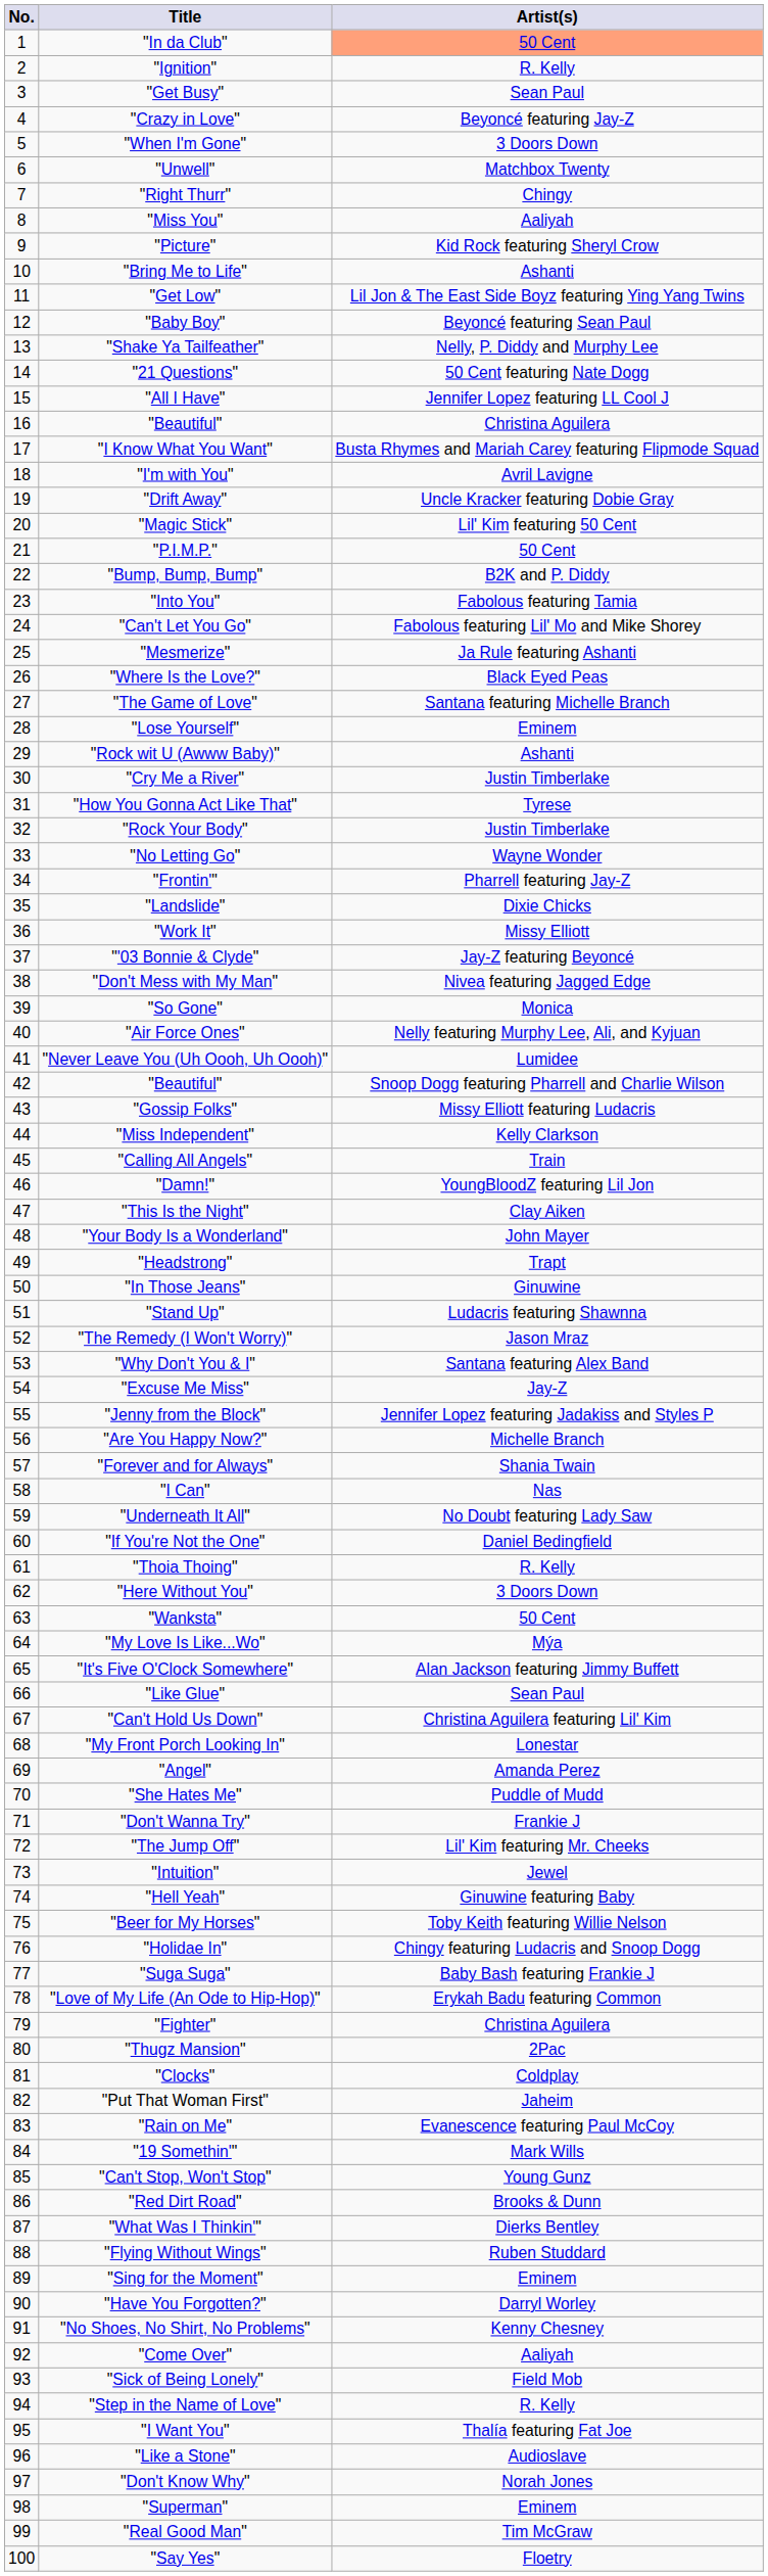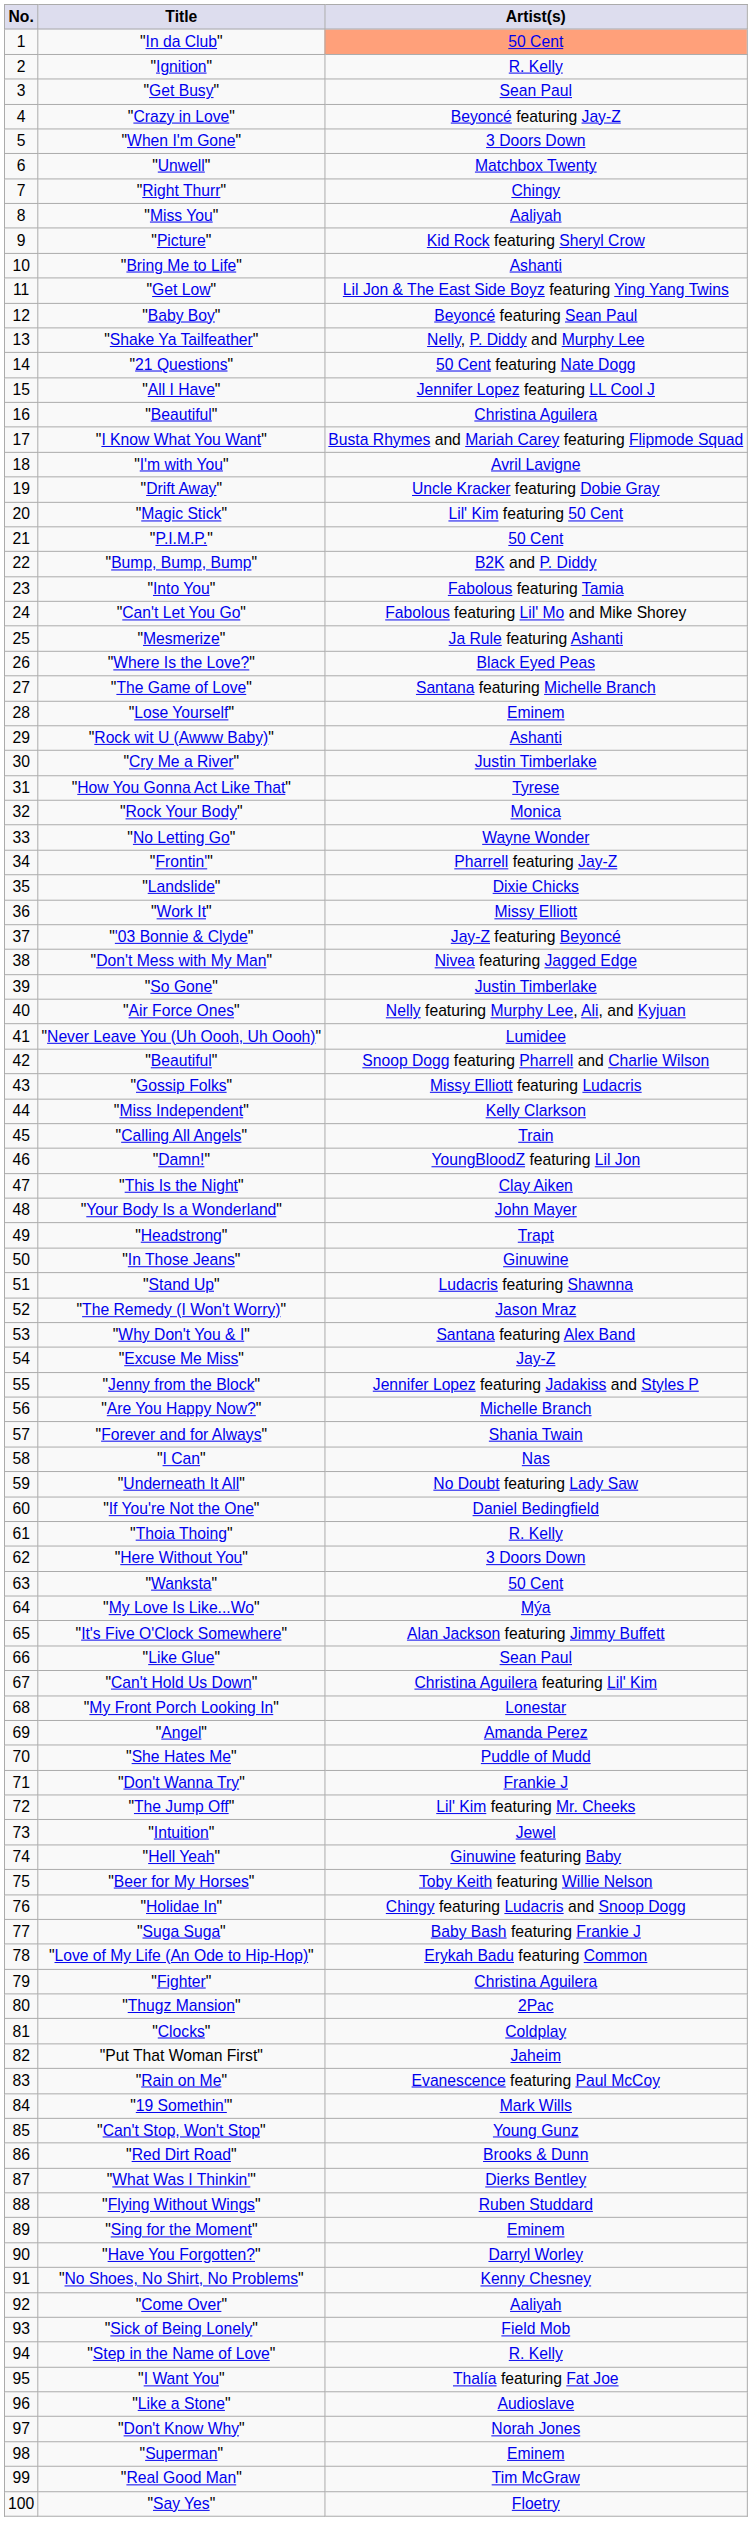 <table class="wikitable sortable" style="text-align: center">
 <tr>
 <th scope="col" style="background:#dde;">No.</th>
 <th scope="col" style="background:#dde;">Title</th>
 <th scope="col" style="background:#dde;">Artist(s)</th>
 </tr>
 <tr>
 <td>1</td>
 <td>"<a href='#'>In da Club</a>"</td>
 <td style="background: lightsalmon;"><a href='#'>50 Cent</a></td>
 </tr>
 <tr>
 <td>2</td>
 <td>"<a href='#'>Ignition</a>"</td>
 <td><a href='#'>R. Kelly</a></td>
 </tr>
 <tr>
 <td>3</td>
 <td>"<a href='#'>Get Busy</a>"</td>
 <td><a href='#'>Sean Paul</a></td>
 </tr>
 <tr>
 <td>4</td>
 <td>"<a href='#'>Crazy in Love</a>"</td>
 <td><a href='#'>Beyoncé</a> featuring <a href='#'>Jay-Z</a></td>
 </tr>
 <tr>
 <td>5</td>
 <td>"<a href='#'>When I'm Gone</a>"</td>
 <td><a href='#'>3 Doors Down</a></td>
 </tr>
 <tr>
 <td>6</td>
 <td>"<a href='#'>Unwell</a>"</td>
 <td><a href='#'>Matchbox Twenty</a></td>
 </tr>
 <tr>
 <td>7</td>
 <td>"<a href='#'>Right Thurr</a>"</td>
 <td><a href='#'>Chingy</a></td>
 </tr>
 <tr>
 <td>8</td>
 <td>"<a href='#'>Miss You</a>"</td>
 <td><a href='#'>Aaliyah</a></td>
 </tr>
 <tr>
 <td>9</td>
 <td>"<a href='#'>Picture</a>"</td>
 <td><a href='#'>Kid Rock</a> featuring <a href='#'>Sheryl Crow</a></td>
 </tr>
 <tr>
 <td>10</td>
 <td>"<a href='#'>Bring Me to Life</a>"</td>
 <td><a href='#'>Ashanti</a></td>
 </tr>
 <tr>
 <td>11</td>
 <td>"<a href='#'>Get Low</a>"</td>
 <td><a href='#'>Lil Jon & The East Side Boyz</a> featuring <a href='#'>Ying Yang Twins</a></td>
 </tr>
 <tr>
 <td>12</td>
 <td>"<a href='#'>Baby Boy</a>"</td>
 <td><a href='#'>Beyoncé</a> featuring <a href='#'>Sean Paul</a></td>
 </tr>
 <tr>
 <td>13</td>
 <td>"<a href='#'>Shake Ya Tailfeather</a>"</td>
 <td><a href='#'>Nelly</a>, <a href='#'>P. Diddy</a> and <a href='#'>Murphy Lee</a></td>
 </tr>
 <tr>
 <td>14</td>
 <td>"<a href='#'>21 Questions</a>"</td>
 <td><a href='#'>50 Cent</a> featuring <a href='#'>Nate Dogg</a></td>
 </tr>
 <tr>
 <td>15</td>
 <td>"<a href='#'>All I Have</a>"</td>
 <td><a href='#'>Jennifer Lopez</a> featuring <a href='#'>LL Cool J</a></td>
 </tr>
 <tr>
 <td>16</td>
 <td>"<a href='#'>Beautiful</a>"</td>
 <td><a href='#'>Christina Aguilera</a></td>
 </tr>
 <tr>
 <td>17</td>
 <td>"<a href='#'>I Know What You Want</a>"</td>
 <td><a href='#'>Busta Rhymes</a> and <a href='#'>Mariah Carey</a> featuring <a href='#'>Flipmode Squad</a></td>
 </tr>
 <tr>
 <td>18</td>
 <td>"<a href='#'>I'm with You</a>"</td>
 <td><a href='#'>Avril Lavigne</a></td>
 </tr>
 <tr>
 <td>19</td>
 <td>"<a href='#'>Drift Away</a>"</td>
 <td><a href='#'>Uncle Kracker</a> featuring <a href='#'>Dobie Gray</a></td>
 </tr>
 <tr>
 <td>20</td>
 <td>"<a href='#'>Magic Stick</a>"</td>
 <td><a href='#'>Lil' Kim</a> featuring <a href='#'>50 Cent</a></td>
 </tr>
 <tr>
 <td>21</td>
 <td>"<a href='#'>P.I.M.P.</a>"</td>
 <td><a href='#'>50 Cent</a></td>
 </tr>
 <tr>
 <td>22</td>
 <td>"<a href='#'>Bump, Bump, Bump</a>"</td>
 <td><a href='#'>B2K</a> and <a href='#'>P. Diddy</a></td>
 </tr>
 <tr>
 <td>23</td>
 <td>"<a href='#'>Into You</a>"</td>
 <td><a href='#'>Fabolous</a> featuring <a href='#'>Tamia</a></td>
 </tr>
 <tr>
 <td>24</td>
 <td>"<a href='#'>Can't Let You Go</a>"</td>
 <td><a href='#'>Fabolous</a> featuring <a href='#'>Lil' Mo</a> and Mike Shorey</td>
 </tr>
 <tr>
 <td>25</td>
 <td>"<a href='#'>Mesmerize</a>"</td>
 <td><a href='#'>Ja Rule</a> featuring <a href='#'>Ashanti</a></td>
 </tr>
 <tr>
 <td>26</td>
 <td>"<a href='#'>Where Is the Love?</a>"</td>
 <td><a href='#'>Black Eyed Peas</a></td>
 </tr>
 <tr>
 <td>27</td>
 <td>"<a href='#'>The Game of Love</a>"</td>
 <td><a href='#'>Santana</a> featuring <a href='#'>Michelle Branch</a></td>
 </tr>
 <tr>
 <td>28</td>
 <td>"<a href='#'>Lose Yourself</a>"</td>
 <td><a href='#'>Eminem</a></td>
 </tr>
 <tr>
 <td>29</td>
 <td>"<a href='#'>Rock wit U (Awww Baby)</a>"</td>
 <td><a href='#'>Ashanti</a></td>
 </tr>
 <tr>
 <td>30</td>
 <td>"<a href='#'>Cry Me a River</a>"</td>
 <td><a href='#'>Justin Timberlake</a></td>
 </tr>
 <tr>
 <td>31</td>
 <td>"<a href='#'>How You Gonna Act Like That</a>"</td>
 <td><a href='#'>Tyrese</a></td>
 </tr>
 <tr>
 <td>32</td>
 <td>"<a href='#'>Rock Your Body</a>"</td>
-<td><a href='#'>Justin Timberlake</a></td>
+<td><a href='#'>Monica</a></td>
 </tr>
 <tr>
 <td>33</td>
 <td>"<a href='#'>No Letting Go</a>"</td>
 <td><a href='#'>Wayne Wonder</a></td>
 </tr>
 <tr>
 <td>34</td>
 <td>"<a href='#'>Frontin'</a>"</td>
 <td><a href='#'>Pharrell</a> featuring <a href='#'>Jay-Z</a></td>
 </tr>
 <tr>
 <td>35</td>
 <td>"<a href='#'>Landslide</a>"</td>
 <td><a href='#'>Dixie Chicks</a></td>
 </tr>
 <tr>
 <td>36</td>
 <td>"<a href='#'>Work It</a>"</td>
 <td><a href='#'>Missy Elliott</a></td>
 </tr>
 <tr>
 <td>37</td>
 <td>"<a href='#'>'03 Bonnie & Clyde</a>"</td>
 <td><a href='#'>Jay-Z</a> featuring <a href='#'>Beyoncé</a></td>
 </tr>
 <tr>
 <td>38</td>
 <td>"<a href='#'>Don't Mess with My Man</a>"</td>
 <td><a href='#'>Nivea</a> featuring <a href='#'>Jagged Edge</a></td>
 </tr>
 <tr>
 <td>39</td>
 <td>"<a href='#'>So Gone</a>"</td>
-<td><a href='#'>Monica</a></td>
+<td><a href='#'>Justin Timberlake</a></td>
 </tr>
 <tr>
 <td>40</td>
 <td>"<a href='#'>Air Force Ones</a>"</td>
 <td><a href='#'>Nelly</a> featuring <a href='#'>Murphy Lee</a>, <a href='#'>Ali</a>, and <a href='#'>Kyjuan</a></td>
 </tr>
 <tr>
 <td>41</td>
 <td>"<a href='#'>Never Leave You (Uh Oooh, Uh Oooh)</a>"</td>
 <td><a href='#'>Lumidee</a></td>
 </tr>
 <tr>
 <td>42</td>
 <td>"<a href='#'>Beautiful</a>"</td>
 <td><a href='#'>Snoop Dogg</a> featuring <a href='#'>Pharrell</a> and <a href='#'>Charlie Wilson</a></td>
 </tr>
 <tr>
 <td>43</td>
 <td>"<a href='#'>Gossip Folks</a>"</td>
 <td><a href='#'>Missy Elliott</a> featuring <a href='#'>Ludacris</a></td>
 </tr>
 <tr>
 <td>44</td>
 <td>"<a href='#'>Miss Independent</a>"</td>
 <td><a href='#'>Kelly Clarkson</a></td>
 </tr>
 <tr>
 <td>45</td>
 <td>"<a href='#'>Calling All Angels</a>"</td>
 <td><a href='#'>Train</a></td>
 </tr>
 <tr>
 <td>46</td>
 <td>"<a href='#'>Damn!</a>"</td>
 <td><a href='#'>YoungBloodZ</a> featuring <a href='#'>Lil Jon</a></td>
 </tr>
 <tr>
 <td>47</td>
 <td>"<a href='#'>This Is the Night</a>"</td>
 <td><a href='#'>Clay Aiken</a></td>
 </tr>
 <tr>
 <td>48</td>
 <td>"<a href='#'>Your Body Is a Wonderland</a>"</td>
 <td><a href='#'>John Mayer</a></td>
 </tr>
 <tr>
 <td>49</td>
 <td>"<a href='#'>Headstrong</a>"</td>
 <td><a href='#'>Trapt</a></td>
 </tr>
 <tr>
 <td>50</td>
 <td>"<a href='#'>In Those Jeans</a>"</td>
 <td><a href='#'>Ginuwine</a></td>
 </tr>
 <tr>
 <td>51</td>
 <td>"<a href='#'>Stand Up</a>"</td>
 <td><a href='#'>Ludacris</a> featuring <a href='#'>Shawnna</a></td>
 </tr>
 <tr>
 <td>52</td>
 <td>"<a href='#'>The Remedy (I Won't Worry)</a>"</td>
 <td><a href='#'>Jason Mraz</a></td>
 </tr>
 <tr>
 <td>53</td>
 <td>"<a href='#'>Why Don't You & I</a>"</td>
 <td><a href='#'>Santana</a> featuring <a href='#'>Alex Band</a></td>
 </tr>
 <tr>
 <td>54</td>
 <td>"<a href='#'>Excuse Me Miss</a>"</td>
 <td><a href='#'>Jay-Z</a></td>
 </tr>
 <tr>
 <td>55</td>
 <td>"<a href='#'>Jenny from the Block</a>"</td>
 <td><a href='#'>Jennifer Lopez</a> featuring <a href='#'>Jadakiss</a> and <a href='#'>Styles P</a></td>
 </tr>
 <tr>
 <td>56</td>
 <td>"<a href='#'>Are You Happy Now?</a>"</td>
 <td><a href='#'>Michelle Branch</a></td>
 </tr>
 <tr>
 <td>57</td>
 <td>"<a href='#'>Forever and for Always</a>"</td>
 <td><a href='#'>Shania Twain</a></td>
 </tr>
 <tr>
 <td>58</td>
 <td>"<a href='#'>I Can</a>"</td>
 <td><a href='#'>Nas</a></td>
 </tr>
 <tr>
 <td>59</td>
 <td>"<a href='#'>Underneath It All</a>"</td>
 <td><a href='#'>No Doubt</a> featuring <a href='#'>Lady Saw</a></td>
 </tr>
 <tr>
 <td>60</td>
 <td>"<a href='#'>If You're Not the One</a>"</td>
 <td><a href='#'>Daniel Bedingfield</a></td>
 </tr>
 <tr>
 <td>61</td>
 <td>"<a href='#'>Thoia Thoing</a>"</td>
 <td><a href='#'>R. Kelly</a></td>
 </tr>
 <tr>
 <td>62</td>
 <td>"<a href='#'>Here Without You</a>"</td>
 <td><a href='#'>3 Doors Down</a></td>
 </tr>
 <tr>
 <td>63</td>
 <td>"<a href='#'>Wanksta</a>"</td>
 <td><a href='#'>50 Cent</a></td>
 </tr>
 <tr>
 <td>64</td>
 <td>"<a href='#'>My Love Is Like...Wo</a>"</td>
 <td><a href='#'>Mýa</a></td>
 </tr>
 <tr>
 <td>65</td>
 <td>"<a href='#'>It's Five O'Clock Somewhere</a>"</td>
 <td><a href='#'>Alan Jackson</a> featuring <a href='#'>Jimmy Buffett</a></td>
 </tr>
 <tr>
 <td>66</td>
 <td>"<a href='#'>Like Glue</a>"</td>
 <td><a href='#'>Sean Paul</a></td>
 </tr>
 <tr>
 <td>67</td>
 <td>"<a href='#'>Can't Hold Us Down</a>"</td>
 <td><a href='#'>Christina Aguilera</a> featuring <a href='#'>Lil' Kim</a></td>
 </tr>
 <tr>
 <td>68</td>
 <td>"<a href='#'>My Front Porch Looking In</a>"</td>
 <td><a href='#'>Lonestar</a></td>
 </tr>
 <tr>
 <td>69</td>
 <td>"<a href='#'>Angel</a>"</td>
 <td><a href='#'>Amanda Perez</a></td>
 </tr>
 <tr>
 <td>70</td>
 <td>"<a href='#'>She Hates Me</a>"</td>
 <td><a href='#'>Puddle of Mudd</a></td>
 </tr>
 <tr>
 <td>71</td>
 <td>"<a href='#'>Don't Wanna Try</a>"</td>
 <td><a href='#'>Frankie J</a></td>
 </tr>
 <tr>
 <td>72</td>
 <td>"<a href='#'>The Jump Off</a>"</td>
 <td><a href='#'>Lil' Kim</a> featuring <a href='#'>Mr. Cheeks</a></td>
 </tr>
 <tr>
 <td>73</td>
 <td>"<a href='#'>Intuition</a>"</td>
 <td><a href='#'>Jewel</a></td>
 </tr>
 <tr>
 <td>74</td>
 <td>"<a href='#'>Hell Yeah</a>"</td>
 <td><a href='#'>Ginuwine</a> featuring <a href='#'>Baby</a></td>
 </tr>
 <tr>
 <td>75</td>
 <td>"<a href='#'>Beer for My Horses</a>"</td>
 <td><a href='#'>Toby Keith</a> featuring <a href='#'>Willie Nelson</a></td>
 </tr>
 <tr>
 <td>76</td>
 <td>"<a href='#'>Holidae In</a>"</td>
 <td><a href='#'>Chingy</a> featuring <a href='#'>Ludacris</a> and <a href='#'>Snoop Dogg</a></td>
 </tr>
 <tr>
 <td>77</td>
 <td>"<a href='#'>Suga Suga</a>"</td>
 <td><a href='#'>Baby Bash</a> featuring <a href='#'>Frankie J</a></td>
 </tr>
 <tr>
 <td>78</td>
 <td>"<a href='#'>Love of My Life (An Ode to Hip-Hop)</a>"</td>
 <td><a href='#'>Erykah Badu</a> featuring <a href='#'>Common</a></td>
 </tr>
 <tr>
 <td>79</td>
 <td>"<a href='#'>Fighter</a>"</td>
 <td><a href='#'>Christina Aguilera</a></td>
 </tr>
 <tr>
 <td>80</td>
 <td>"<a href='#'>Thugz Mansion</a>"</td>
 <td><a href='#'>2Pac</a></td>
 </tr>
 <tr>
 <td>81</td>
 <td>"<a href='#'>Clocks</a>"</td>
 <td><a href='#'>Coldplay</a></td>
 </tr>
 <tr>
 <td>82</td>
 <td>"Put That Woman First"</td>
 <td><a href='#'>Jaheim</a></td>
 </tr>
 <tr>
 <td>83</td>
 <td>"<a href='#'>Rain on Me</a>"</td>
 <td><a href='#'>Evanescence</a> featuring <a href='#'>Paul McCoy</a></td>
 </tr>
 <tr>
 <td>84</td>
 <td>"<a href='#'>19 Somethin'</a>"</td>
 <td><a href='#'>Mark Wills</a></td>
 </tr>
 <tr>
 <td>85</td>
 <td>"<a href='#'>Can't Stop, Won't Stop</a>"</td>
 <td><a href='#'>Young Gunz</a></td>
 </tr>
 <tr>
 <td>86</td>
 <td>"<a href='#'>Red Dirt Road</a>"</td>
 <td><a href='#'>Brooks & Dunn</a></td>
 </tr>
 <tr>
 <td>87</td>
 <td>"<a href='#'>What Was I Thinkin'</a>"</td>
 <td><a href='#'>Dierks Bentley</a></td>
 </tr>
 <tr>
 <td>88</td>
 <td>"<a href='#'>Flying Without Wings</a>"</td>
 <td><a href='#'>Ruben Studdard</a></td>
 </tr>
 <tr>
 <td>89</td>
 <td>"<a href='#'>Sing for the Moment</a>"</td>
 <td><a href='#'>Eminem</a></td>
 </tr>
 <tr>
 <td>90</td>
 <td>"<a href='#'>Have You Forgotten?</a>"</td>
 <td><a href='#'>Darryl Worley</a></td>
 </tr>
 <tr>
 <td>91</td>
 <td>"<a href='#'>No Shoes, No Shirt, No Problems</a>"</td>
 <td><a href='#'>Kenny Chesney</a></td>
 </tr>
 <tr>
 <td>92</td>
 <td>"<a href='#'>Come Over</a>"</td>
 <td><a href='#'>Aaliyah</a></td>
 </tr>
 <tr>
 <td>93</td>
 <td>"<a href='#'>Sick of Being Lonely</a>"</td>
 <td><a href='#'>Field Mob</a></td>
 </tr>
 <tr>
 <td>94</td>
 <td>"<a href='#'>Step in the Name of Love</a>"</td>
 <td><a href='#'>R. Kelly</a></td>
 </tr>
 <tr>
 <td>95</td>
 <td>"<a href='#'>I Want You</a>"</td>
 <td><a href='#'>Thalía</a> featuring <a href='#'>Fat Joe</a></td>
 </tr>
 <tr>
 <td>96</td>
 <td>"<a href='#'>Like a Stone</a>"</td>
 <td><a href='#'>Audioslave</a></td>
 </tr>
 <tr>
 <td>97</td>
 <td>"<a href='#'>Don't Know Why</a>"</td>
 <td><a href='#'>Norah Jones</a></td>
 </tr>
 <tr>
 <td>98</td>
 <td>"<a href='#'>Superman</a>"</td>
 <td><a href='#'>Eminem</a></td>
 </tr>
 <tr>
 <td>99</td>
 <td>"<a href='#'>Real Good Man</a>"</td>
 <td><a href='#'>Tim McGraw</a></td>
 </tr>
 <tr>
 <td>100</td>
 <td>"<a href='#'>Say Yes</a>"</td>
 <td><a href='#'>Floetry</a></td>
 </tr>
 </table>
